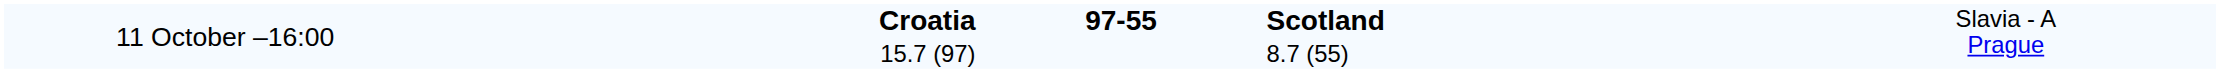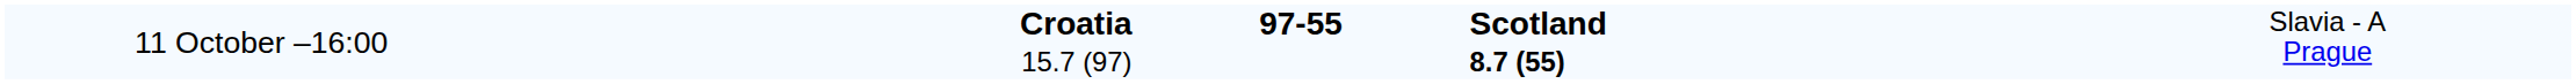 <table style="width: 100%; background:#F5FAFF;" cellspacing="0">
 <tr>
 <td style=font-size:95% align=center rowspan=3 width=20%>11 October –16:00</td>
 </tr>
 <tr>
 <td width=24% align=right><strong>Croatia</strong> </td>
 <td align=center width=13%><strong>97-55</strong></td>
 <td width=24%> <strong>Scotland</strong></td>
 <td style=font-size:85% rowspan=3 valign=top align=center>Slavia - A <br><a href='#'>Prague</a></td>
 </tr>
 <tr style=font-size:85%>
 <td align=right>15.7 (97)</td>
 <td align=center></td>
-<td>8.7 (55)</td>
+<td><strong>8.7 (55)</strong></td>
 </tr>
 </table>
